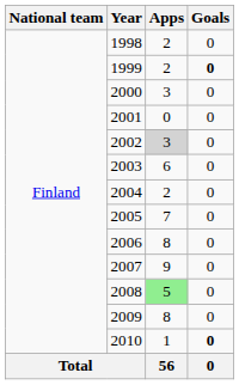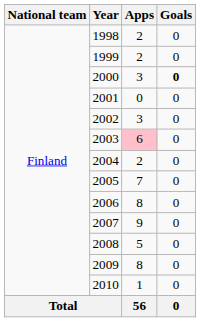 <table class="wikitable" style="text-align: center;">
 <tr>
 <th>National team</th>
 <th>Year</th>
 <th>Apps</th>
 <th>Goals</th>
 </tr>
 <tr>
 <td rowspan="13"><a href='#'>Finland</a></td>
 <td>1998</td>
 <td>2</td>
 <td>0</td>
 </tr>
 <tr>
 <td>1999</td>
 <td>2</td>
-<td><strong>0</strong></td>
+<td>0</td>
 </tr>
 <tr>
 <td>2000</td>
 <td>3</td>
-<td>0</td>
+<td><strong>0</strong></td>
 </tr>
 <tr>
 <td>2001</td>
 <td>0</td>
 <td>0</td>
 </tr>
 <tr>
 <td>2002</td>
-<td style="background: lightgrey;">3</td>
+<td>3</td>
 <td>0</td>
 </tr>
 <tr>
 <td>2003</td>
-<td>6</td>
+<td style="background: pink;">6</td>
 <td>0</td>
 </tr>
 <tr>
 <td>2004</td>
 <td>2</td>
 <td>0</td>
 </tr>
 <tr>
 <td>2005</td>
 <td>7</td>
 <td>0</td>
 </tr>
 <tr>
 <td>2006</td>
 <td>8</td>
 <td>0</td>
 </tr>
 <tr>
 <td>2007</td>
 <td>9</td>
 <td>0</td>
 </tr>
 <tr>
 <td>2008</td>
-<td style="background: lightgreen;">5</td>
+<td>5</td>
 <td>0</td>
 </tr>
 <tr>
 <td>2009</td>
 <td>8</td>
 <td>0</td>
 </tr>
 <tr>
 <td>2010</td>
 <td>1</td>
-<td><strong>0</strong></td>
+<td>0</td>
 </tr>
 <tr>
 <th colspan="2">Total</th>
 <th>56</th>
 <th>0</th>
 </tr>
 </table>
